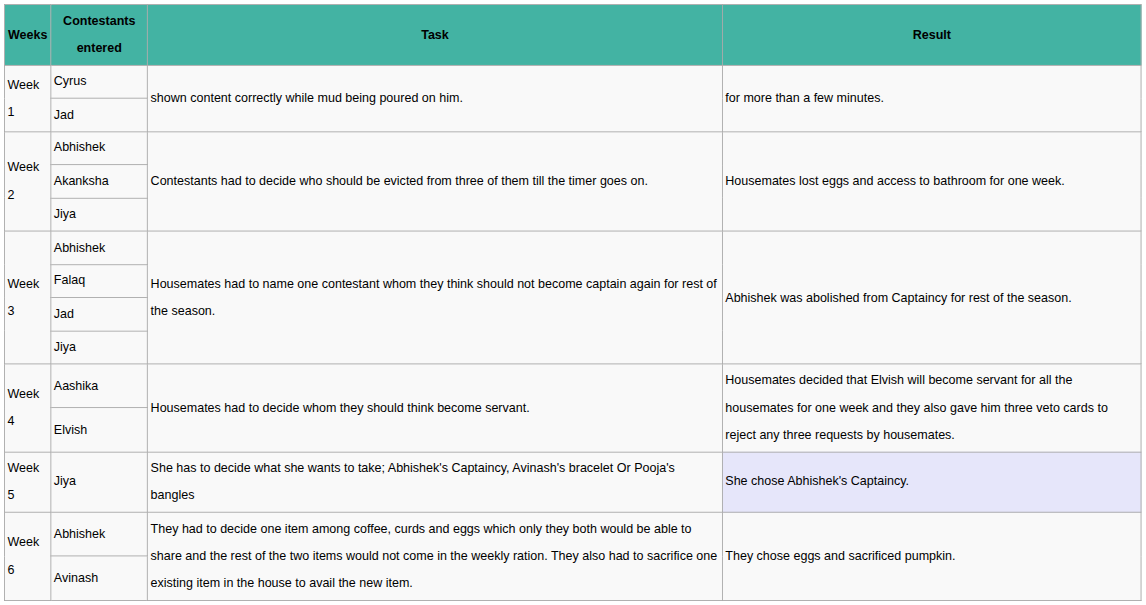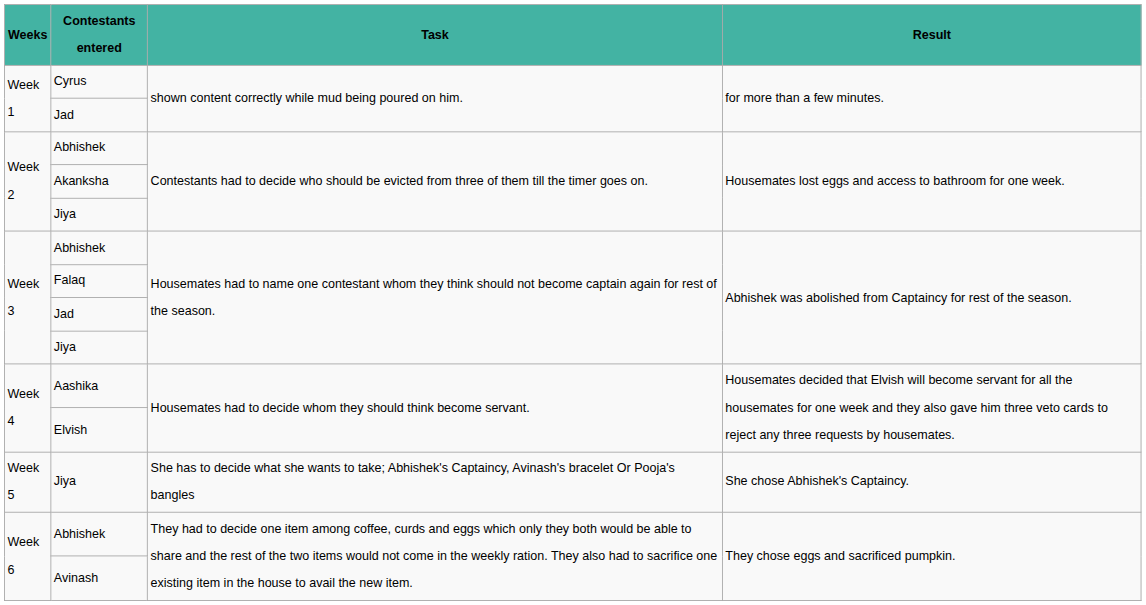 <table class="wikitable sortable" style="font-size:86%; line-height:30px; ">
 <tr>
 <th style="background:#43B3A3; color:black; ">Weeks</th>
 <th style="background:#43B3A3; color:black; ">Contestants entered</th>
 <th style="background:#43B3A3; color:black; ">Task</th>
 <th style="background: #43B3A3; color:black; ">Result</th>
 </tr>
 <tr>
 <td rowspan="2">Week 1</td>
 <td>Cyrus</td>
 <td rowspan="2"> shown content correctly while mud being poured on him.</td>
 <td rowspan="2">for more than a few minutes.</td>
 </tr>
 <tr>
 <td>Jad</td>
 </tr>
 <tr>
 <td rowspan="3">Week 2</td>
 <td>Abhishek</td>
 <td rowspan="3">Contestants had to decide who should be evicted from three of them till the timer goes on.</td>
 <td rowspan="3">Housemates lost eggs and access to bathroom for one week.</td>
 </tr>
 <tr>
 <td>Akanksha</td>
 </tr>
 <tr>
 <td>Jiya</td>
 </tr>
 <tr>
 <td rowspan="4">Week 3</td>
 <td>Abhishek</td>
 <td rowspan="4">Housemates had to name one contestant whom they think should not become captain again for rest of the season.</td>
 <td rowspan="4">Abhishek was abolished from Captaincy for rest of the season.</td>
 </tr>
 <tr>
 <td>Falaq</td>
 </tr>
 <tr>
 <td>Jad</td>
 </tr>
 <tr>
 <td>Jiya</td>
 </tr>
 <tr>
 <td rowspan="2">Week 4</td>
 <td>Aashika</td>
 <td rowspan="2">Housemates had to decide whom they should think become servant.</td>
 <td rowspan="2">Housemates decided that Elvish will become servant for all the housemates for one week and they also gave him three veto cards to reject any three requests by housemates.</td>
 </tr>
 <tr>
 <td>Elvish</td>
 </tr>
 <tr>
 <td>Week 5</td>
 <td>Jiya</td>
 <td>She has to decide what she wants to take; Abhishek's Captaincy, Avinash's bracelet Or Pooja's bangles</td>
-<td style="background: lavender;">She chose Abhishek's Captaincy.</td>
+<td>She chose Abhishek's Captaincy.</td>
 </tr>
 <tr>
 <td rowspan="2">Week 6</td>
 <td>Abhishek</td>
 <td rowspan="2">They had to decide one item among coffee, curds and eggs which only they both would be able to share and the rest of the two items would not come in the weekly ration. They also had to sacrifice one existing item in the house to avail the new item.</td>
 <td rowspan="2">They chose eggs and sacrificed pumpkin.</td>
 </tr>
 <tr>
 <td>Avinash</td>
 </tr>
 </table>
